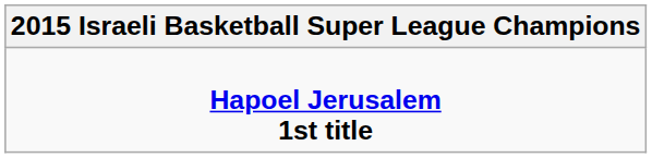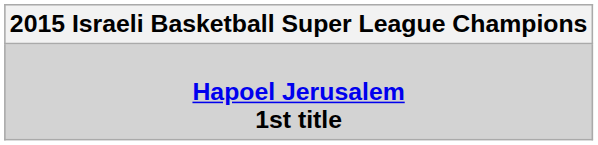 <table class=wikitable style="text-align:center; margin:auto">
 <tr>
 <th>2015 Israeli Basketball Super League Champions</th>
 </tr>
 <tr>
-<td><br> <strong><a href='#'>Hapoel Jerusalem</a></strong> <br> <strong>1st title</strong></td>
+<td style="background: lightgrey;"><br> <strong><a href='#'>Hapoel Jerusalem</a></strong> <br> <strong>1st title</strong></td>
 </tr>
 </table>
